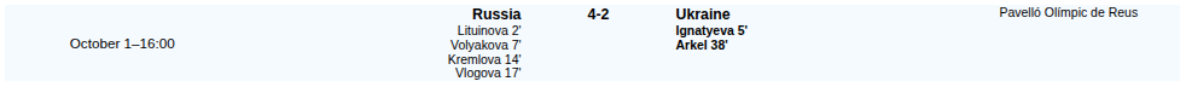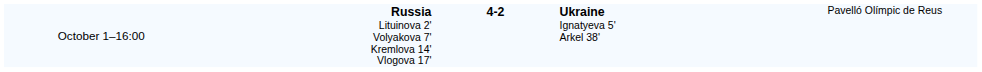 <table style="width: 100%; background:#F5FAFF;" cellspacing="0">
 <tr>
 <td style=font-size:95% align=center rowspan=3 width=20%>October 1–16:00</td>
 </tr>
 <tr>
 <td width=24% align=right><strong>Russia</strong></td>
 <td align=center width=13%><strong>4-2</strong></td>
 <td width=24%><strong>Ukraine</strong></td>
 <td style=font-size:85% rowspan=3 valign=top align=center>Pavelló Olímpic de Reus</td>
 </tr>
 <tr style=font-size:85%>
 <td align=right valign=top>Lituinova 2'<br>Volyakova 7'<br>Kremlova 14'<br>Vlogova 17'</td>
 <td></td>
-<td valign=top><strong>Ignatyeva 5'<br>Arkel 38'</strong></td>
+<td valign=top>Ignatyeva 5'<br>Arkel 38'</td>
 </tr>
 </table>
